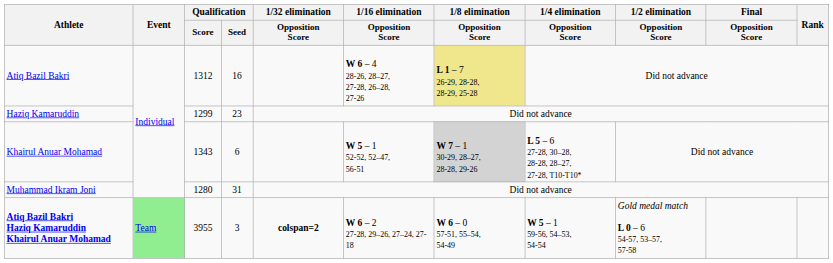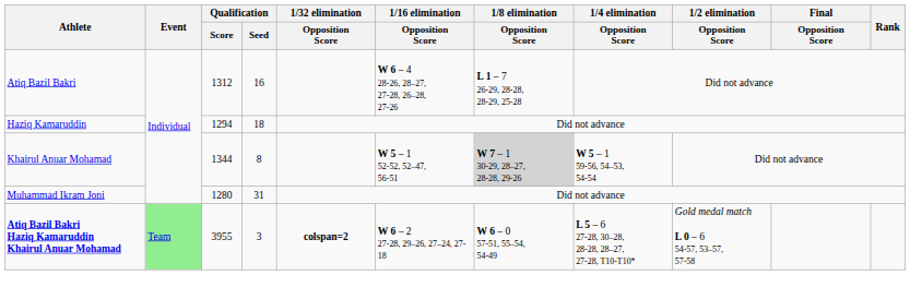 <table class="wikitable" style="text-align:center; font-size:90%">
 <tr>
 <th rowspan="2">Athlete</th>
 <th rowspan="2">Event</th>
 <th colspan="2">Qualification</th>
 <th width="11%">1/32 elimination</th>
 <th width="11%">1/16 elimination</th>
 <th width="11%">1/8 elimination</th>
 <th width="11%">1/4 elimination</th>
 <th width="11%">1/2 elimination</th>
 <th width="11%">Final</th>
 <th rowspan="2">Rank</th>
 </tr>
 <tr style="font-size:95%">
 <th>Score</th>
 <th>Seed</th>
 <th>Opposition<br>Score</th>
 <th>Opposition<br>Score</th>
 <th>Opposition<br>Score</th>
 <th>Opposition<br>Score</th>
 <th>Opposition<br>Score</th>
 <th>Opposition<br>Score</th>
 </tr>
 <tr>
 <td align=left><a href='#'>Atiq Bazil Bakri</a></td>
 <td align=left rowspan=4><a href='#'>Individual</a></td>
 <td>1312</td>
 <td>16 <strong></strong></td>
 <td></td>
 <td align=left><br><strong>W 6</strong> – 4<br><small>28-26, 28–27,<br>27-28, 26–28,<br>27-26</small></td>
-<td align=left style="background: khaki;"><br><strong>L 1</strong> – 7<br><small>26-29, 28-28,<br>28-29, 25-28</small></td>
+<td align=left><br><strong>L 1</strong> – 7<br><small>26-29, 28-28,<br>28-29, 25-28</small></td>
 <td colspan=4>Did not advance</td>
 </tr>
 <tr>
 <td align=left><a href='#'>Haziq Kamaruddin</a></td>
-<td>1299</td>
-<td>23</td>
+<td>1294</td>
+<td>18</td>
 <td colspan=7>Did not advance</td>
 </tr>
 <tr>
 <td align=left><a href='#'>Khairul Anuar Mohamad</a></td>
-<td>1343</td>
-<td>6 <strong></strong></td>
+<td>1344</td>
+<td>8 <strong></strong></td>
 <td></td>
 <td align=left><br><strong>W 5</strong> – 1<br><small>52-52, 52–47,<br>56-51</small></td>
 <td align=left style="background: lightgrey;"><br><strong>W 7</strong> – 1<br><small>30-29, 28–27,<br>28-28, 29-26</small></td>
-<td align=left><br><strong>L 5</strong> – 6<br><small>27-28, 30–28,<br>28-28, 28–27,<br>27-28, T10-T10*</small></td>
+<td align=left><br><strong>W 5</strong> – 1<br><small>59-56, 54–53,<br>54-54</small></td>
 <td colspan=3>Did not advance</td>
 </tr>
 <tr>
 <td align=left><a href='#'>Muhammad Ikram Joni</a></td>
 <td>1280</td>
 <td>31</td>
 <td colspan=7>Did not advance</td>
 </tr>
 <tr>
 <td align=left><strong><a href='#'>Atiq Bazil Bakri</a><br><a href='#'>Haziq Kamaruddin</a><br><a href='#'>Khairul Anuar Mohamad</a></strong></td>
 <td align=left style="background: lightgreen;"><a href='#'>Team</a></td>
 <td>3955</td>
 <td>3 <strong></strong></td>
 <td><strong>colspan=2 </strong></td>
 <td align=left><br><strong>W 6</strong> – 2<br><small>27-28, 29–26, 27–24, 27-18</small></td>
 <td align=left><br><strong>W 6</strong> – 0<br><small>57-51, 55–54,<br>54-49</small></td>
-<td align=left><br><strong>W 5</strong> – 1<br><small>59-56, 54–53,<br>54-54</small></td>
+<td align=left><br><strong>L 5</strong> – 6<br><small>27-28, 30–28,<br>28-28, 28–27,<br>27-28, T10-T10*</small></td>
 <td align=left><em>Gold medal match</em><br><br><strong>L 0</strong> – 6<br><small>54-57, 53–57,<br>57-58</small></td>
 <td></td>
 </tr>
 </table>
